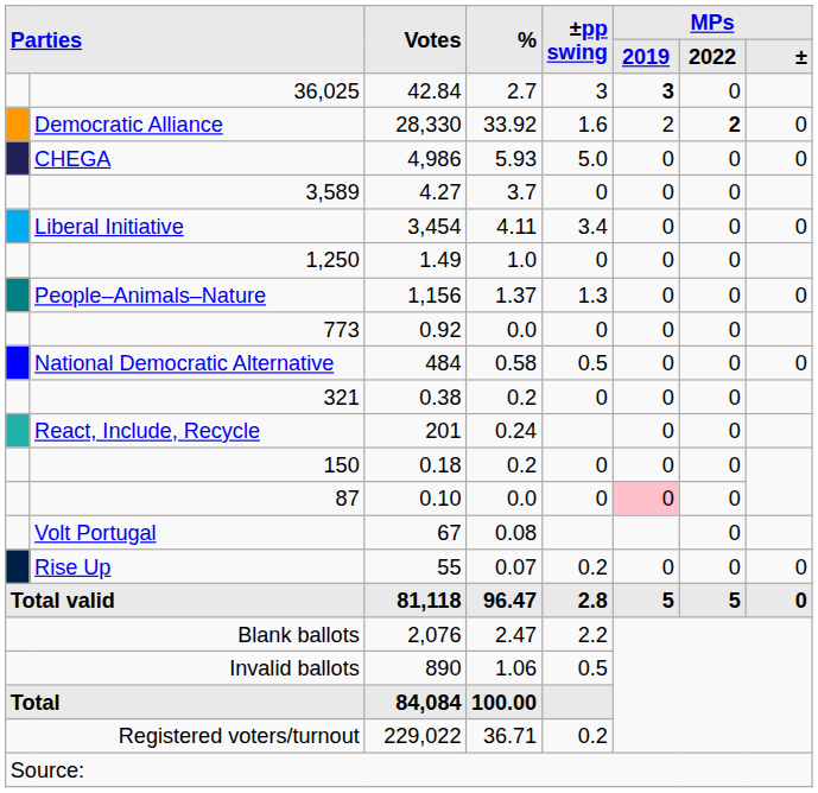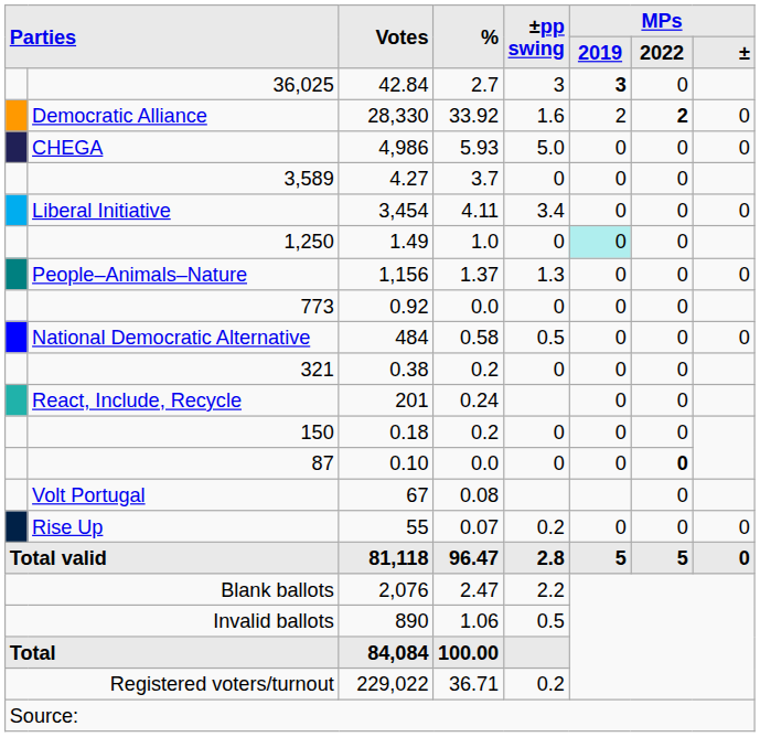 <table class="wikitable" style="text-align:right; font-size:95%;">
 <tr>
 <th rowspan="2" colspan="2" style="background:#e9e9e9; text-align:left;" alignleft><a href='#'>Parties</a></th>
 <th rowspan="2" style="background:#e9e9e9; text-align:right;">Votes</th>
 <th rowspan="2" style="background:#e9e9e9; text-align:right;">%</th>
 <th rowspan="2" style="background:#e9e9e9; text-align:right;">±<a href='#'>pp</a> <a href='#'>swing</a></th>
 <th colspan="3" style="background:#e9e9e9; text-align:center;"><a href='#'>MPs</a></th>
 </tr>
 <tr style="background-color:#E9E9E9">
 <th style="background-color:#E9E9E9;text-align:center;"><a href='#'>2019</a></th>
 <th style="background-color:#E9E9E9;text-align:center;">2022</th>
 <th style="background:#e9e9e9; text-align:right;">±</th>
 </tr>
 <tr>
 <td></td>
 <td>36,025</td>
 <td>42.84</td>
 <td>2.7</td>
 <td>3</td>
 <td><strong>3</strong></td>
 <td>0</td>
 </tr>
 <tr>
 <td style="width: 9px" bgcolor="#FF9900" align="center"></td>
 <td align="left"><a href='#'>Democratic Alliance</a> </td>
 <td>28,330</td>
 <td>33.92</td>
 <td>1.6</td>
 <td>2</td>
 <td><strong>2</strong></td>
 <td>0</td>
 </tr>
 <tr>
 <td style="width: 10px" bgcolor="#202056" align="center"></td>
 <td align="left"><a href='#'>CHEGA</a></td>
 <td>4,986</td>
 <td>5.93</td>
 <td>5.0</td>
 <td>0</td>
 <td>0</td>
 <td>0</td>
 </tr>
 <tr>
 <td></td>
 <td>3,589</td>
 <td>4.27</td>
 <td>3.7</td>
 <td>0</td>
 <td>0</td>
 <td>0</td>
 </tr>
 <tr>
 <td style="width: 10px" bgcolor="#00ADEF" align="center"></td>
 <td align="left"><a href='#'>Liberal Initiative</a></td>
 <td>3,454</td>
 <td>4.11</td>
 <td>3.4</td>
 <td>0</td>
 <td>0</td>
 <td>0</td>
 </tr>
 <tr>
 <td></td>
 <td>1,250</td>
 <td>1.49</td>
 <td>1.0</td>
 <td>0</td>
-<td>0</td>
+<td style="background: paleturquoise;">0</td>
 <td>0</td>
 </tr>
 <tr>
 <td style="width: 10px" bgcolor="teal" align="center"></td>
 <td align="left"><a href='#'>People–Animals–Nature</a></td>
 <td>1,156</td>
 <td>1.37</td>
 <td>1.3</td>
 <td>0</td>
 <td>0</td>
 <td>0</td>
 </tr>
 <tr>
 <td></td>
 <td>773</td>
 <td>0.92</td>
 <td>0.0</td>
 <td>0</td>
 <td>0</td>
 <td>0</td>
 </tr>
 <tr>
 <td style="width: 10px" bgcolor="blue" align="center"></td>
 <td align="left"><a href='#'>National Democratic Alternative</a></td>
 <td>484</td>
 <td>0.58</td>
 <td>0.5</td>
 <td>0</td>
 <td>0</td>
 <td>0</td>
 </tr>
 <tr>
 <td></td>
 <td>321</td>
 <td>0.38</td>
 <td>0.2</td>
 <td>0</td>
 <td>0</td>
 <td>0</td>
 </tr>
 <tr>
 <td style="width: 10px" bgcolor="LightSeaGreen" align="center"></td>
 <td align="left"><a href='#'>React, Include, Recycle</a></td>
 <td>201</td>
 <td>0.24</td>
 <td></td>
 <td>0</td>
 <td>0</td>
 <td></td>
 </tr>
 <tr>
 <td></td>
 <td>150</td>
 <td>0.18</td>
 <td>0.2</td>
 <td>0</td>
 <td>0</td>
 <td>0</td>
 </tr>
 <tr>
 <td></td>
 <td>87</td>
 <td>0.10</td>
 <td>0.0</td>
 <td>0</td>
-<td style="background: pink;">0</td>
 <td>0</td>
+<td><strong>0</strong></td>
 </tr>
 <tr>
 <td style="width: 10px"></td>
 <td align="left"><a href='#'>Volt Portugal</a></td>
 <td>67</td>
 <td>0.08</td>
 <td></td>
 <td></td>
 <td>0</td>
 <td></td>
 </tr>
 <tr>
 <td style="width: 10px" bgcolor="#002147" align="center"></td>
 <td align="left"><a href='#'>Rise Up</a></td>
 <td>55</td>
 <td>0.07</td>
 <td>0.2</td>
 <td>0</td>
 <td>0</td>
 <td>0</td>
 </tr>
 <tr>
 <td colspan=2 align=left style="background-color:#E9E9E9"><strong>Total valid</strong></td>
 <td width="65" align="right" style="background-color:#E9E9E9"><strong>81,118</strong></td>
 <td width="40" align="right" style="background-color:#E9E9E9"><strong>96.47</strong></td>
 <td width="40" align="right" style="background-color:#E9E9E9"><strong>2.8</strong></td>
 <td width="40" align="right" style="background-color:#E9E9E9"><strong>5</strong></td>
 <td width="40" align="right" style="background-color:#E9E9E9"><strong>5</strong></td>
 <td width="40" align="right" style="background-color:#E9E9E9"><strong>0</strong></td>
 </tr>
 <tr>
 <td colspan=2>Blank ballots</td>
 <td>2,076</td>
 <td>2.47</td>
 <td>2.2</td>
 <td colspan=4 rowspan=4></td>
 </tr>
 <tr>
 <td colspan=2>Invalid ballots</td>
 <td>890</td>
 <td>1.06</td>
 <td>0.5</td>
 </tr>
 <tr>
 <td colspan=2 width="247" align=left style="background-color:#E9E9E9"><strong>Total</strong></td>
 <td width="50" align="right" style="background-color:#E9E9E9"><strong>84,084</strong></td>
 <td width="40" align="right" style="background-color:#E9E9E9"><strong>100.00</strong></td>
 <td width="40" align="right" style="background-color:#E9E9E9"></td>
 </tr>
 <tr>
 <td colspan=2>Registered voters/turnout</td>
 <td>229,022</td>
 <td>36.71</td>
 <td>0.2</td>
 </tr>
 <tr>
 <td colspan=11 align=left>Source: </td>
 </tr>
 </table>
